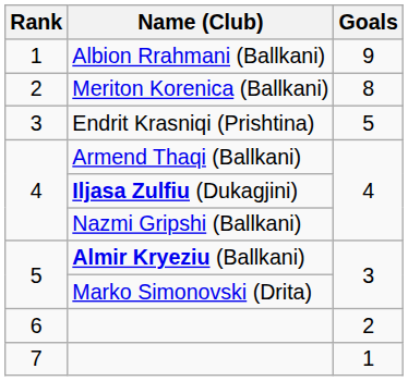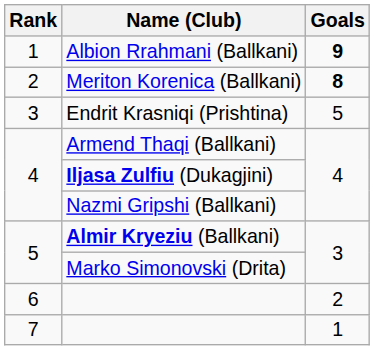 <table class="wikitable" style="text-align:center;font-size:90%">
 <tr>
 <th>Rank</th>
 <th>Name (Club)</th>
 <th>Goals</th>
 </tr>
 <tr>
 <td>1</td>
 <td align="left"> <a href='#'>Albion Rrahmani</a> (Ballkani)</td>
-<td>9</td>
+<td><strong>9</strong></td>
 </tr>
 <tr>
 <td>2</td>
 <td align="left"> <a href='#'>Meriton Korenica</a> (Ballkani)</td>
-<td>8</td>
+<td><strong>8</strong></td>
 </tr>
 <tr>
 <td>3</td>
 <td align="left"> Endrit Krasniqi (Prishtina)</td>
 <td>5</td>
 </tr>
 <tr>
 <td rowspan="3">4</td>
 <td align="left"> <a href='#'>Armend Thaqi</a> (Ballkani)</td>
 <td rowspan="3">4</td>
 </tr>
 <tr>
 <td align="left"> <strong><a href='#'>Iljasa Zulfiu</a></strong> (Dukagjini)</td>
 </tr>
 <tr>
 <td align="left"> <a href='#'>Nazmi Gripshi</a> (Ballkani)</td>
 </tr>
 <tr>
 <td rowspan="2">5</td>
 <td align="left"> <strong><a href='#'>Almir Kryeziu</a></strong> (Ballkani)</td>
 <td rowspan="2">3</td>
 </tr>
 <tr>
 <td align="left"> <a href='#'>Marko Simonovski</a> (Drita)</td>
 </tr>
 <tr>
 <td>6</td>
 <td></td>
 <td>2</td>
 </tr>
 <tr>
 <td>7</td>
 <td></td>
 <td>1</td>
 </tr>
 </table>
